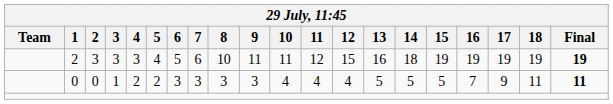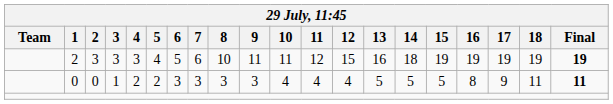 <table class=wikitable style="text-align:center; width: 55%">
 <tr>
 <th colspan=20><em>29 July, 11:45</em></th>
 </tr>
 <tr>
 <th>Team</th>
 <th>1</th>
 <th>2</th>
 <th>3</th>
 <th>4</th>
 <th>5</th>
 <th>6</th>
 <th>7</th>
 <th>8</th>
 <th>9</th>
 <th>10</th>
 <th>11</th>
 <th>12</th>
 <th>13</th>
 <th>14</th>
 <th>15</th>
 <th>16</th>
 <th>17</th>
 <th>18</th>
 <th>Final</th>
 </tr>
 <tr>
 <td align=left><strong></strong></td>
 <td>2</td>
 <td>3</td>
 <td>3</td>
 <td>3</td>
 <td>4</td>
 <td>5</td>
 <td>6</td>
 <td>10</td>
 <td>11</td>
 <td>11</td>
 <td>12</td>
 <td>15</td>
 <td>16</td>
 <td>18</td>
 <td>19</td>
 <td>19</td>
 <td>19</td>
 <td>19</td>
 <td><strong>19</strong></td>
 </tr>
 <tr>
 <td align=left></td>
 <td>0</td>
 <td>0</td>
 <td>1</td>
 <td>2</td>
 <td>2</td>
 <td>3</td>
 <td>3</td>
 <td>3</td>
 <td>3</td>
 <td>4</td>
 <td>4</td>
 <td>4</td>
 <td>5</td>
 <td>5</td>
 <td>5</td>
-<td>7</td>
+<td>8</td>
 <td>9</td>
 <td>11</td>
 <td><strong>11</strong></td>
 </tr>
 <tr>
 <td colspan=20></td>
 </tr>
 </table>
